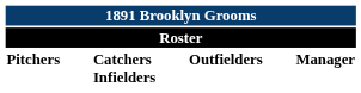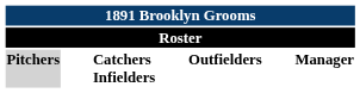 <table class="toccolours" style="font-size: 95%;">
 <tr>
 <th colspan="10" style="background-color: #083c6b; color: white; text-align: center;">1891 Brooklyn Grooms</th>
 </tr>
 <tr>
 <td colspan="10" style="background-color: black; color: white; text-align: center;"><strong>Roster</strong></td>
 </tr>
 <tr>
-<td valign="top"><strong>Pitchers</strong><br>    </td>
+<td valign="top" style="background: lightgrey;"><strong>Pitchers</strong><br>    </td>
 <td width="25px"></td>
 <td valign="top"><strong>Catchers</strong><br>   <strong>Infielders</strong>       </td>
 <td width="25px"></td>
 <td valign="top"><strong>Outfielders</strong><br>   </td>
 <td width="25px"></td>
 <td valign="top"><strong>Manager</strong><br></td>
 </tr>
 </table>
